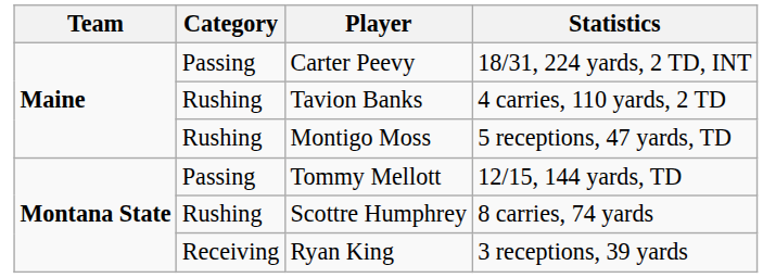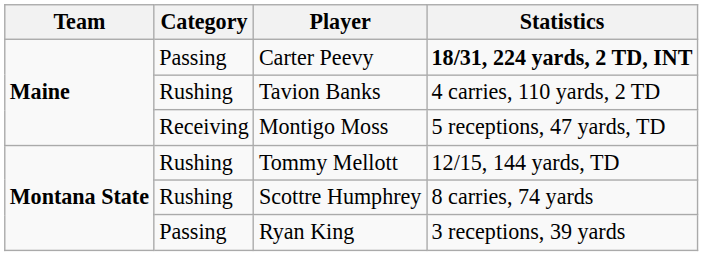 <table class="wikitable" style="float: right;">
 <tr>
 <th>Team</th>
 <th>Category</th>
 <th>Player</th>
 <th>Statistics</th>
 </tr>
 <tr>
 <td rowspan=3><strong>Maine</strong></td>
 <td>Passing</td>
 <td>Carter Peevy</td>
-<td>18/31, 224 yards, 2 TD, INT</td>
+<td><strong>18/31, 224 yards, 2 TD, INT</strong></td>
 </tr>
 <tr>
 <td>Rushing</td>
 <td>Tavion Banks</td>
 <td>4 carries, 110 yards, 2 TD</td>
 </tr>
 <tr>
-<td>Rushing</td>
+<td>Receiving</td>
 <td>Montigo Moss</td>
 <td>5 receptions, 47 yards, TD</td>
 </tr>
 <tr>
 <td rowspan=3><strong>Montana State</strong></td>
-<td>Passing</td>
+<td>Rushing</td>
 <td>Tommy Mellott</td>
 <td>12/15, 144 yards, TD</td>
 </tr>
 <tr>
 <td>Rushing</td>
 <td>Scottre Humphrey</td>
 <td>8 carries, 74 yards</td>
 </tr>
 <tr>
-<td>Receiving</td>
+<td>Passing</td>
 <td>Ryan King</td>
 <td>3 receptions, 39 yards</td>
 </tr>
 </table>
